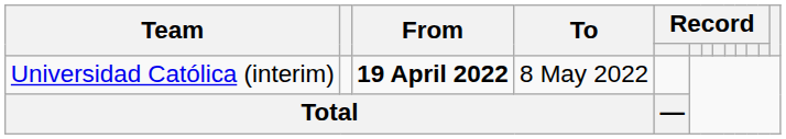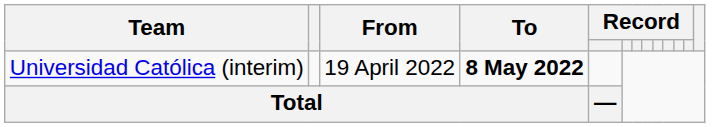 <table class="wikitable" style="text-align: center">
 <tr>
 <th rowspan="2">Team</th>
 <th rowspan="2"></th>
 <th rowspan="2">From</th>
 <th rowspan="2">To</th>
 <th colspan="8">Record</th>
 <th rowspan="2"></th>
 </tr>
 <tr>
 <th></th>
 <th></th>
 <th></th>
 <th></th>
 <th></th>
 <th></th>
 <th></th>
 <th></th>
 </tr>
 <tr>
 <td><a href='#'>Universidad Católica</a> (interim)</td>
 <td></td>
-<td><strong>19 April 2022</strong></td>
-<td>8 May 2022<br></td>
+<td>19 April 2022</td>
+<td><strong>8 May 2022<br></strong></td>
 <td></td>
 </tr>
 <tr>
 <th colspan="4">Total<br></th>
 <th>—</th>
 </tr>
 </table>
